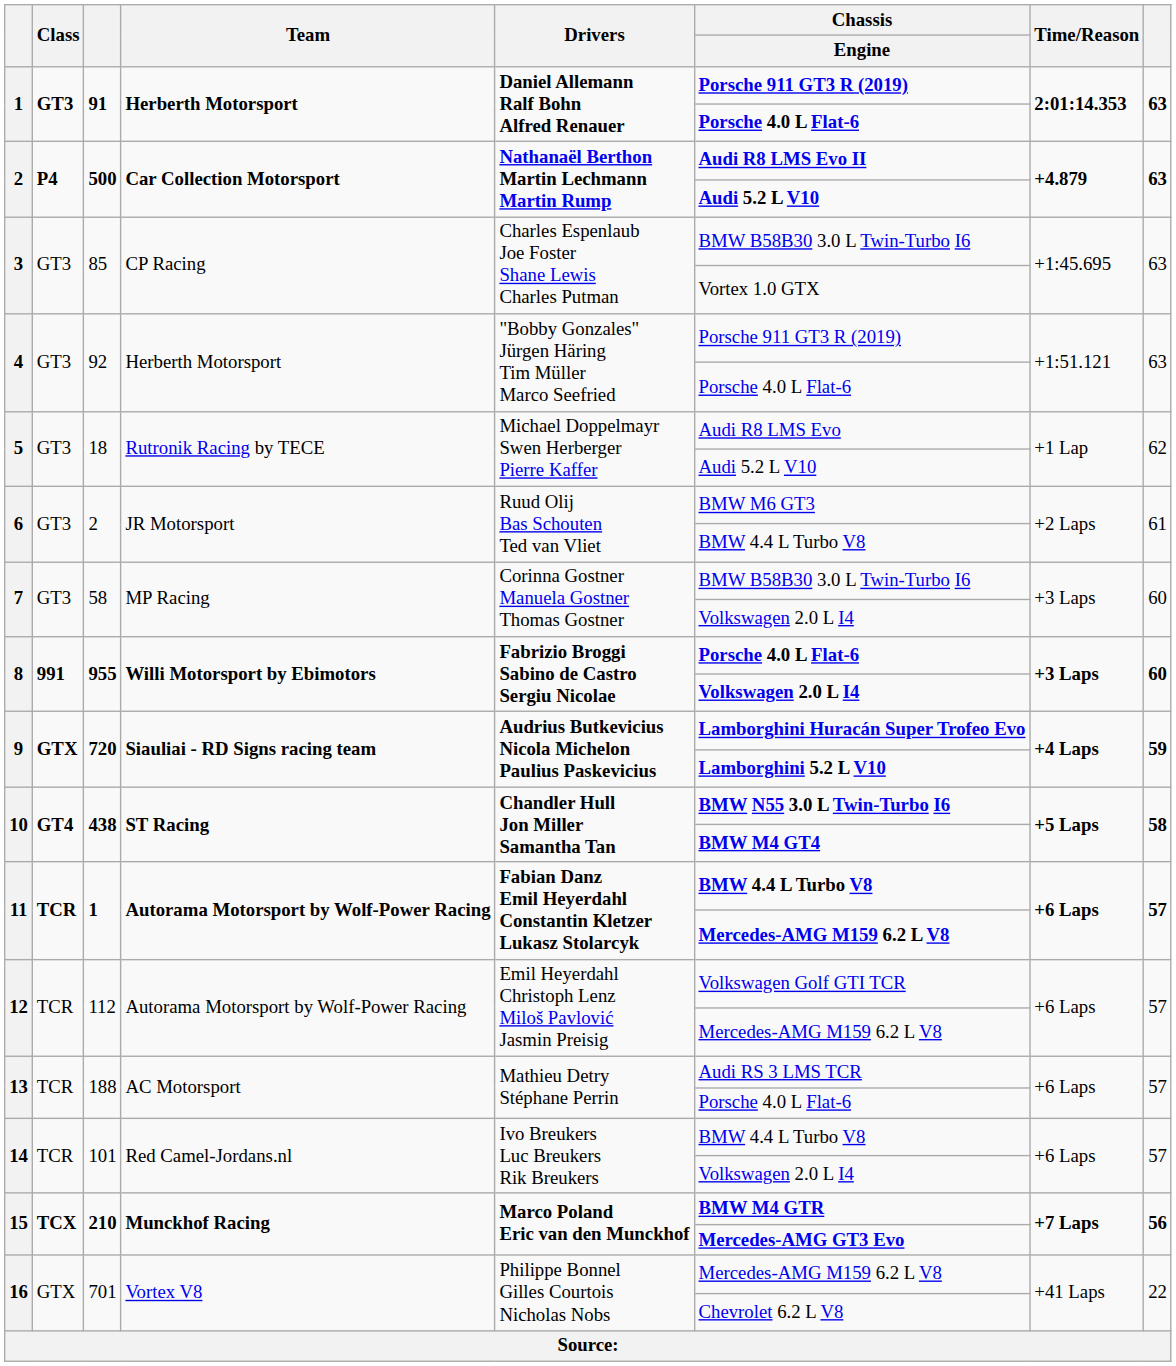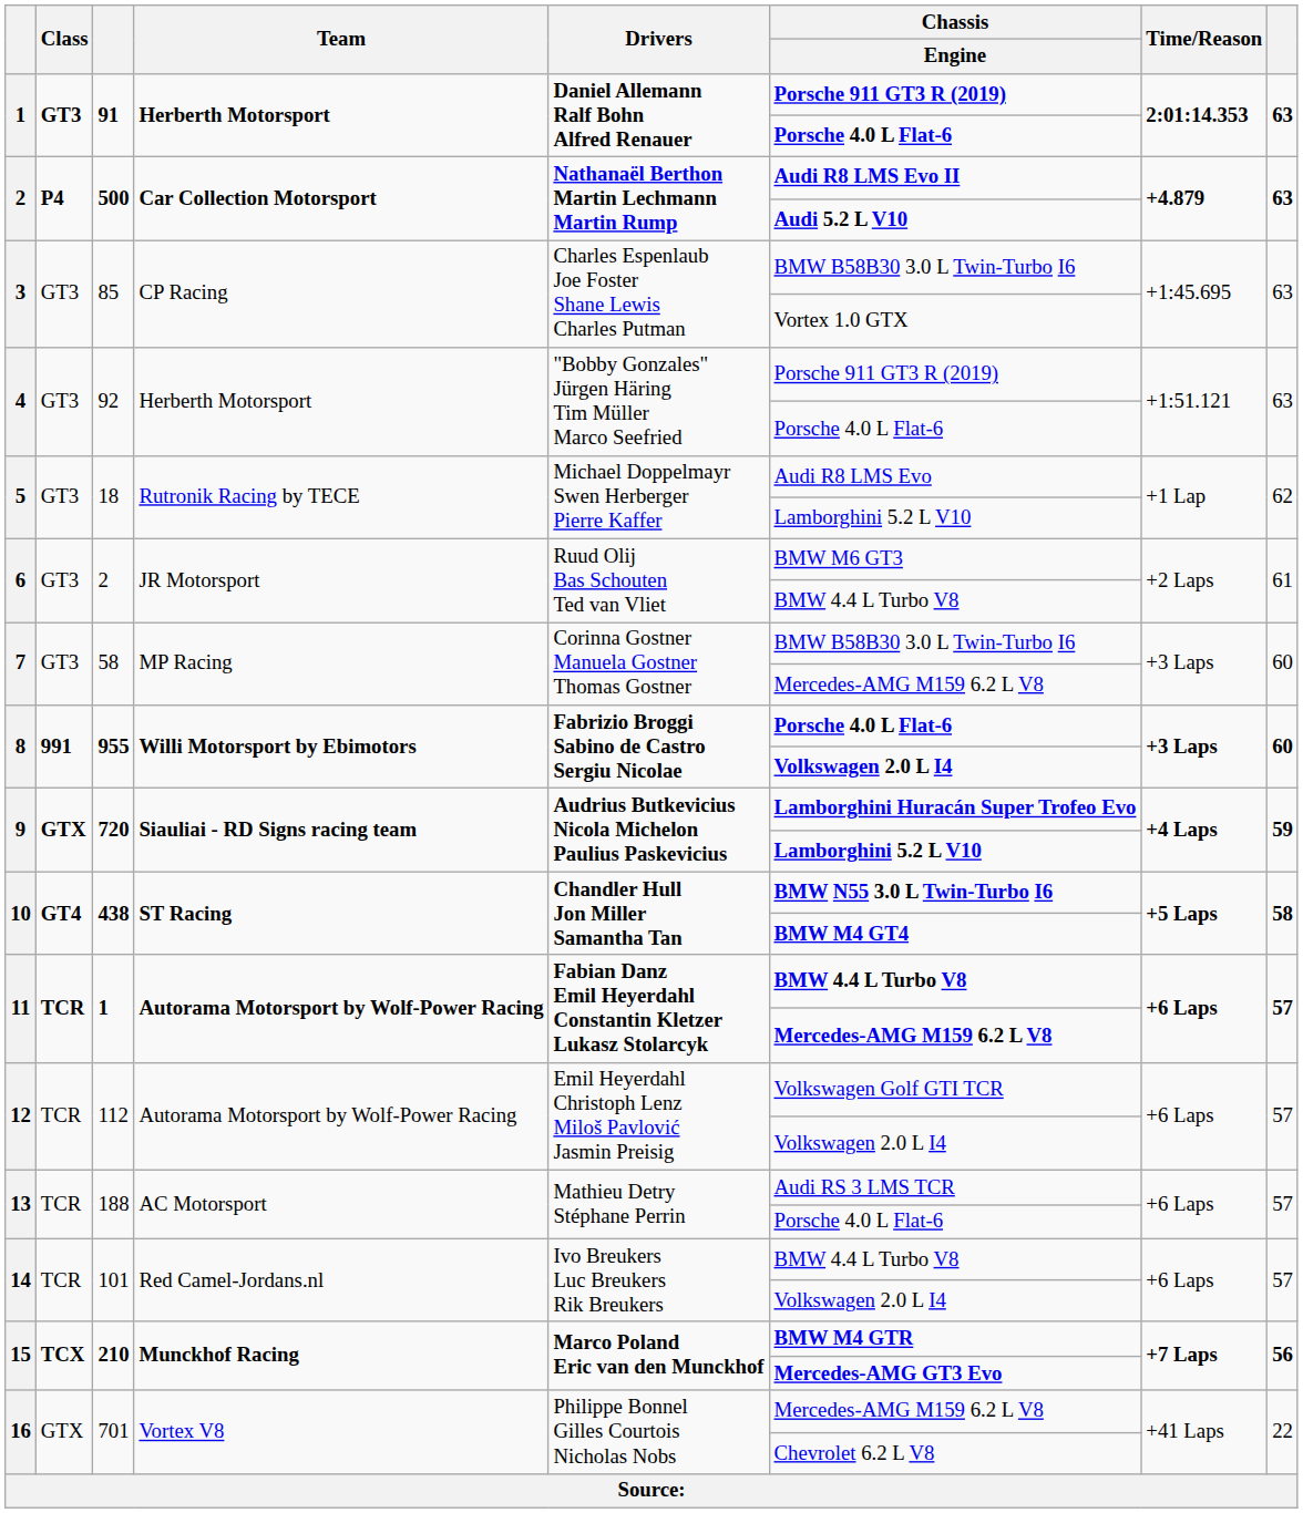 <table class="wikitable" style="font-size: 85%;">
 <tr>
 <th rowspan=2></th>
 <th rowspan=2>Class</th>
 <th rowspan=2></th>
 <th rowspan=2>Team</th>
 <th rowspan=2>Drivers</th>
 <th>Chassis</th>
 <th rowspan=2>Time/Reason</th>
 <th rowspan=2></th>
 </tr>
 <tr>
 <th>Engine</th>
 </tr>
 <tr style="font-weight:bold">
 <th rowspan=2>1</th>
 <td rowspan=2>GT3</td>
 <td rowspan=2>91</td>
 <td rowspan=2> Herberth Motorsport</td>
 <td rowspan=2> Daniel Allemann<br> Ralf Bohn<br> Alfred Renauer</td>
 <td><a href='#'>Porsche 911 GT3 R (2019)</a></td>
 <td rowspan=2>2:01:14.353</td>
 <td rowspan=2>63</td>
 </tr>
 <tr style="font-weight:bold">
 <td><a href='#'>Porsche</a> 4.0 L <a href='#'>Flat-6</a></td>
 </tr>
 <tr style="font-weight:bold">
 <th rowspan=2>2</th>
 <td rowspan=2>P4</td>
 <td rowspan=2>500</td>
 <td rowspan=2> Car Collection Motorsport</td>
 <td rowspan=2> <a href='#'>Nathanaël Berthon</a><br> Martin Lechmann<br> <a href='#'>Martin Rump</a></td>
 <td><a href='#'>Audi R8 LMS Evo II</a></td>
 <td rowspan=2>+4.879</td>
 <td rowspan=2>63</td>
 </tr>
 <tr style="font-weight:bold">
 <td><a href='#'>Audi</a> 5.2 L <a href='#'>V10</a></td>
 </tr>
 <tr>
 <th rowspan=2>3</th>
 <td rowspan=2>GT3</td>
 <td rowspan=2>85</td>
 <td rowspan=2> CP Racing</td>
 <td rowspan=2> Charles Espenlaub<br> Joe Foster<br> <a href='#'>Shane Lewis</a><br> Charles Putman</td>
 <td><a href='#'>BMW B58B30</a> 3.0 L <a href='#'>Twin-Turbo</a> <a href='#'>I6</a></td>
 <td rowspan=2>+1:45.695</td>
 <td rowspan=2>63</td>
 </tr>
 <tr>
 <td>Vortex 1.0 GTX</td>
 </tr>
 <tr>
 <th rowspan=2>4</th>
 <td rowspan=2>GT3</td>
 <td rowspan=2>92</td>
 <td rowspan=2> Herberth Motorsport</td>
 <td rowspan=2> "Bobby Gonzales"<br> Jürgen Häring<br> Tim Müller<br> Marco Seefried</td>
 <td><a href='#'>Porsche 911 GT3 R (2019)</a></td>
 <td rowspan=2>+1:51.121</td>
 <td rowspan=2>63</td>
 </tr>
 <tr>
 <td><a href='#'>Porsche</a> 4.0 L <a href='#'>Flat-6</a></td>
 </tr>
 <tr>
 <th rowspan=2>5</th>
 <td rowspan=2>GT3</td>
 <td rowspan=2>18</td>
 <td rowspan=2> <a href='#'>Rutronik Racing</a> by TECE</td>
 <td rowspan=2> Michael Doppelmayr<br> Swen Herberger<br> <a href='#'>Pierre Kaffer</a></td>
 <td><a href='#'>Audi R8 LMS Evo</a></td>
 <td rowspan=2>+1 Lap</td>
 <td rowspan=2>62</td>
 </tr>
 <tr>
-<td><a href='#'>Audi</a> 5.2 L <a href='#'>V10</a></td>
+<td><a href='#'>Lamborghini</a> 5.2 L <a href='#'>V10</a></td>
 </tr>
 <tr>
 <th rowspan=2>6</th>
 <td rowspan=2>GT3</td>
 <td rowspan=2>2</td>
 <td rowspan=2> JR Motorsport</td>
 <td rowspan=2> Ruud Olij<br> <a href='#'>Bas Schouten</a><br> Ted van Vliet</td>
 <td><a href='#'>BMW M6 GT3</a></td>
 <td rowspan=2>+2 Laps</td>
 <td rowspan=2>61</td>
 </tr>
 <tr>
 <td><a href='#'>BMW</a> 4.4 L Turbo <a href='#'>V8</a></td>
 </tr>
 <tr>
 <th rowspan=2>7</th>
 <td rowspan=2>GT3</td>
 <td rowspan=2>58</td>
 <td rowspan=2> MP Racing</td>
 <td rowspan=2> Corinna Gostner<br> <a href='#'>Manuela Gostner</a><br> Thomas Gostner</td>
 <td><a href='#'>BMW B58B30</a> 3.0 L <a href='#'>Twin-Turbo</a> <a href='#'>I6</a></td>
 <td rowspan=2>+3 Laps</td>
 <td rowspan=2>60</td>
 </tr>
 <tr>
-<td><a href='#'>Volkswagen</a> 2.0 L <a href='#'>I4</a></td>
+<td><a href='#'>Mercedes-AMG M159</a> 6.2 L <a href='#'>V8</a></td>
 </tr>
 <tr style="font-weight:bold">
 <th rowspan=2>8</th>
 <td rowspan=2>991</td>
 <td rowspan=2>955</td>
 <td rowspan=2> Willi Motorsport by Ebimotors</td>
 <td rowspan=2> Fabrizio Broggi<br> Sabino de Castro<br> Sergiu Nicolae</td>
 <td><a href='#'>Porsche</a> 4.0 L <a href='#'>Flat-6</a></td>
 <td rowspan=2>+3 Laps</td>
 <td rowspan=2>60</td>
 </tr>
 <tr style="font-weight:bold">
 <td><a href='#'>Volkswagen</a> 2.0 L <a href='#'>I4</a></td>
 </tr>
 <tr style="font-weight:bold">
 <th rowspan=2>9</th>
 <td rowspan=2>GTX</td>
 <td rowspan=2>720</td>
 <td rowspan=2> Siauliai - RD Signs racing team</td>
 <td rowspan=2> Audrius Butkevicius<br> Nicola Michelon<br> Paulius Paskevicius</td>
 <td><a href='#'>Lamborghini Huracán Super Trofeo Evo</a></td>
 <td rowspan=2>+4 Laps</td>
 <td rowspan=2>59</td>
 </tr>
 <tr style="font-weight:bold">
 <td><a href='#'>Lamborghini</a> 5.2 L <a href='#'>V10</a></td>
 </tr>
 <tr style="font-weight:bold">
 <th rowspan=2>10</th>
 <td rowspan=2>GT4</td>
 <td rowspan=2>438</td>
 <td rowspan=2> ST Racing</td>
 <td rowspan=2> Chandler Hull<br> Jon Miller<br> Samantha Tan</td>
 <td><a href='#'>BMW</a> <a href='#'>N55</a> 3.0 L <a href='#'>Twin-Turbo</a> <a href='#'>I6</a></td>
 <td rowspan=2>+5 Laps</td>
 <td rowspan=2>58</td>
 </tr>
 <tr style="font-weight:bold">
 <td><a href='#'>BMW M4 GT4</a></td>
 </tr>
 <tr style="font-weight:bold">
 <th rowspan=2>11</th>
 <td rowspan=2>TCR</td>
 <td rowspan=2>1</td>
 <td rowspan=2> Autorama Motorsport by Wolf-Power Racing</td>
 <td rowspan=2> Fabian Danz<br> Emil Heyerdahl<br> Constantin Kletzer<br> Lukasz Stolarcyk</td>
 <td><a href='#'>BMW</a> 4.4 L Turbo <a href='#'>V8</a></td>
 <td rowspan=2>+6 Laps</td>
 <td rowspan=2>57</td>
 </tr>
 <tr style="font-weight:bold">
 <td><a href='#'>Mercedes-AMG M159</a> 6.2 L <a href='#'>V8</a></td>
 </tr>
 <tr>
 <th rowspan=2>12</th>
 <td rowspan=2>TCR</td>
 <td rowspan=2>112</td>
 <td rowspan=2> Autorama Motorsport by Wolf-Power Racing</td>
 <td rowspan=2> Emil Heyerdahl<br> Christoph Lenz<br> <a href='#'>Miloš Pavlović</a><br> Jasmin Preisig</td>
 <td><a href='#'>Volkswagen Golf GTI TCR</a></td>
 <td rowspan=2>+6 Laps</td>
 <td rowspan=2>57</td>
 </tr>
 <tr>
-<td><a href='#'>Mercedes-AMG M159</a> 6.2 L <a href='#'>V8</a></td>
+<td><a href='#'>Volkswagen</a> 2.0 L <a href='#'>I4</a></td>
 </tr>
 <tr>
 <th rowspan=2>13</th>
 <td rowspan=2>TCR</td>
 <td rowspan=2>188</td>
 <td rowspan=2> AC Motorsport</td>
 <td rowspan=2> Mathieu Detry<br> Stéphane Perrin</td>
 <td><a href='#'>Audi RS 3 LMS TCR</a></td>
 <td rowspan=2>+6 Laps</td>
 <td rowspan=2>57</td>
 </tr>
 <tr>
 <td><a href='#'>Porsche</a> 4.0 L <a href='#'>Flat-6</a></td>
 </tr>
 <tr>
 <th rowspan=2>14</th>
 <td rowspan=2>TCR</td>
 <td rowspan=2>101</td>
 <td rowspan=2> Red Camel-Jordans.nl</td>
 <td rowspan=2> Ivo Breukers<br> Luc Breukers<br> Rik Breukers</td>
 <td><a href='#'>BMW</a> 4.4 L Turbo <a href='#'>V8</a></td>
 <td rowspan=2>+6 Laps</td>
 <td rowspan=2>57</td>
 </tr>
 <tr>
 <td><a href='#'>Volkswagen</a> 2.0 L <a href='#'>I4</a></td>
 </tr>
 <tr style="font-weight:bold">
 <th rowspan=2>15</th>
 <td rowspan=2>TCX</td>
 <td rowspan=2>210</td>
 <td rowspan=2> Munckhof Racing</td>
 <td rowspan=2> Marco Poland<br> Eric van den Munckhof</td>
 <td><a href='#'>BMW M4 GTR</a></td>
 <td rowspan=2>+7 Laps</td>
 <td rowspan=2>56</td>
 </tr>
 <tr style="font-weight:bold">
 <td><a href='#'>Mercedes-AMG GT3 Evo</a></td>
 </tr>
 <tr>
 <th rowspan=2>16</th>
 <td rowspan=2>GTX</td>
 <td rowspan=2>701</td>
 <td rowspan=2> <a href='#'>Vortex V8</a></td>
 <td rowspan=2> Philippe Bonnel<br> Gilles Courtois<br> Nicholas Nobs</td>
 <td><a href='#'>Mercedes-AMG M159</a> 6.2 L <a href='#'>V8</a></td>
 <td rowspan=2>+41 Laps</td>
 <td rowspan=2>22</td>
 </tr>
 <tr>
 <td><a href='#'>Chevrolet</a> 6.2 L <a href='#'>V8</a></td>
 </tr>
 <tr>
 <th colspan=9>Source:</th>
 </tr>
 </table>
